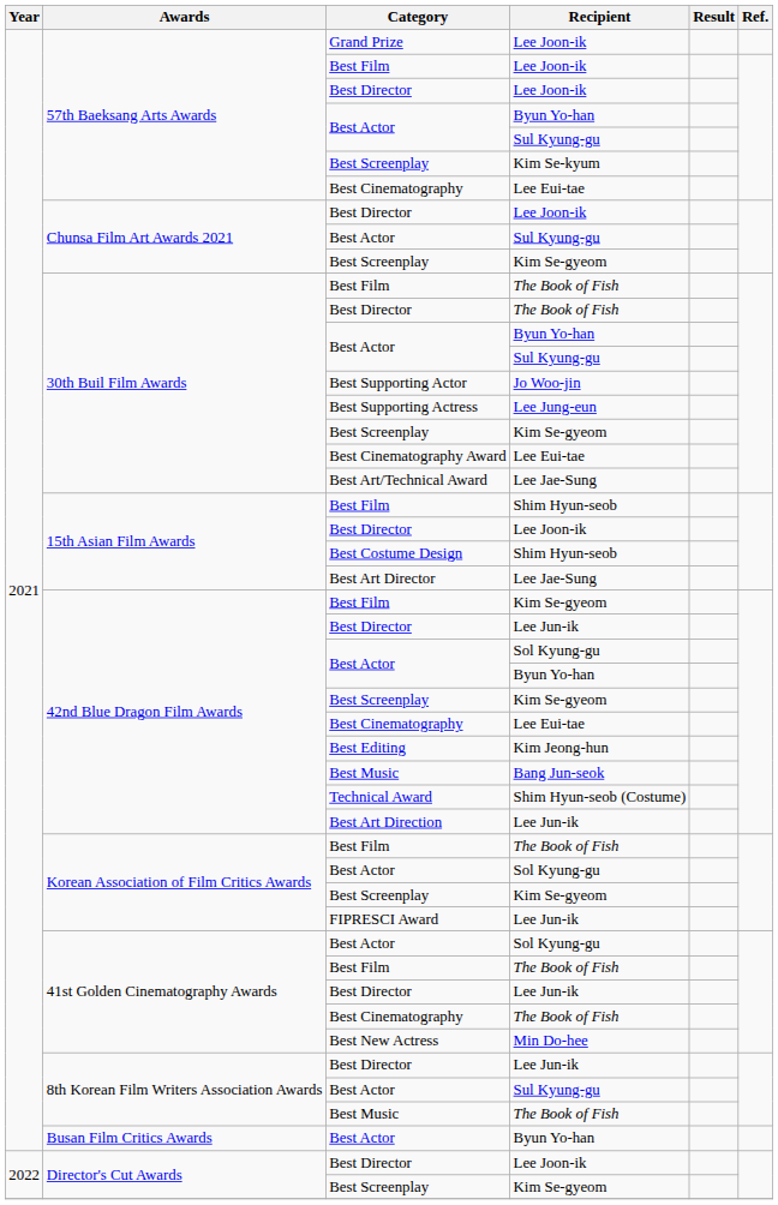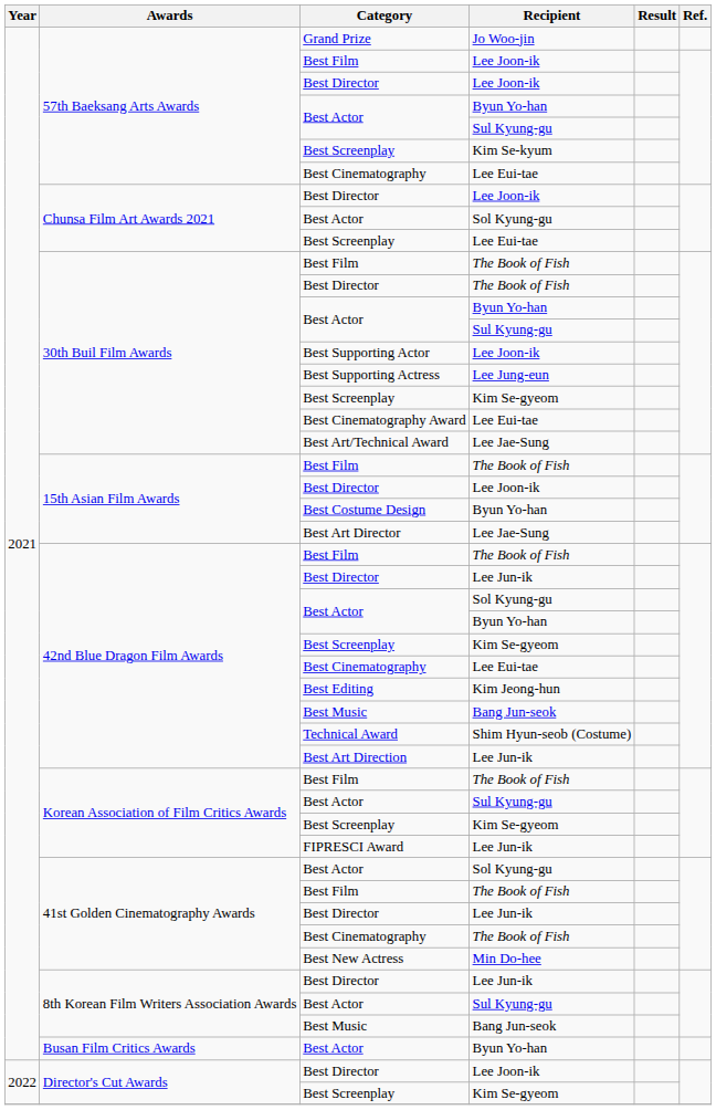 <table class="wikitable">
 <tr>
 <th>Year</th>
 <th>Awards</th>
 <th>Category</th>
 <th>Recipient</th>
 <th>Result</th>
 <th>Ref.</th>
 </tr>
 <tr>
 <td rowspan=46>2021</td>
 <td rowspan=7><a href='#'>57th Baeksang Arts Awards</a></td>
 <td><a href='#'>Grand Prize</a></td>
-<td><a href='#'>Lee Joon-ik</a></td>
+<td><a href='#'>Jo Woo-jin</a></td>
 <td></td>
 <td style="text-align:center"></td>
 </tr>
 <tr>
 <td><a href='#'>Best Film</a></td>
 <td><a href='#'>Lee Joon-ik</a></td>
 <td></td>
 <td rowspan=6 style="text-align:center"></td>
 </tr>
 <tr>
 <td><a href='#'>Best Director</a></td>
 <td><a href='#'>Lee Joon-ik</a></td>
 <td></td>
 </tr>
 <tr>
 <td rowspan=2><a href='#'>Best Actor</a></td>
 <td><a href='#'>Byun Yo-han</a></td>
 <td></td>
 </tr>
 <tr>
 <td><a href='#'>Sul Kyung-gu</a></td>
 <td></td>
 </tr>
 <tr>
 <td><a href='#'>Best Screenplay</a></td>
 <td>Kim Se-kyum</td>
 <td></td>
 </tr>
 <tr>
 <td>Best Cinematography</td>
 <td>Lee Eui-tae</td>
 <td></td>
 </tr>
 <tr>
 <td rowspan=3><a href='#'>Chunsa Film Art Awards 2021</a></td>
 <td>Best Director</td>
 <td><a href='#'>Lee Joon-ik</a></td>
 <td></td>
 <td rowspan=3 style="text-align:center"></td>
 </tr>
 <tr>
 <td>Best Actor</td>
-<td><a href='#'>Sul Kyung-gu</a></td>
+<td>Sol Kyung-gu</td>
 <td></td>
 </tr>
 <tr>
 <td>Best Screenplay</td>
-<td>Kim Se-gyeom</td>
+<td>Lee Eui-tae</td>
 <td></td>
 </tr>
 <tr>
 <td rowspan=9><a href='#'>30th Buil Film Awards</a></td>
 <td>Best Film</td>
 <td><em>The Book of Fish</em></td>
 <td></td>
 <td rowspan=9 style="text-align:center"></td>
 </tr>
 <tr>
 <td>Best Director</td>
 <td><em>The Book of Fish</em></td>
 <td></td>
 </tr>
 <tr>
 <td rowspan=2>Best Actor</td>
 <td><a href='#'>Byun Yo-han</a></td>
 <td></td>
 </tr>
 <tr>
 <td><a href='#'>Sul Kyung-gu</a></td>
 <td></td>
 </tr>
 <tr>
 <td>Best Supporting Actor</td>
-<td><a href='#'>Jo Woo-jin</a></td>
+<td><a href='#'>Lee Joon-ik</a></td>
 <td></td>
 </tr>
 <tr>
 <td>Best Supporting Actress</td>
 <td><a href='#'>Lee Jung-eun</a></td>
 <td></td>
 </tr>
 <tr>
 <td>Best Screenplay</td>
 <td>Kim Se-gyeom</td>
 <td></td>
 </tr>
 <tr>
 <td>Best Cinematography Award</td>
 <td>Lee Eui-tae</td>
 <td></td>
 </tr>
 <tr>
 <td>Best Art/Technical Award</td>
 <td>Lee Jae-Sung</td>
 <td></td>
 </tr>
 <tr>
 <td rowspan="4"><a href='#'>15th Asian Film Awards</a></td>
 <td><a href='#'>Best Film</a></td>
-<td>Shim Hyun-seob</td>
+<td><em>The Book of Fish</em></td>
 <td></td>
 <td rowspan="4" style="text-align:center"></td>
 </tr>
 <tr>
 <td><a href='#'>Best Director</a></td>
 <td>Lee Joon-ik</td>
 <td></td>
 </tr>
 <tr>
 <td><a href='#'>Best Costume Design</a></td>
-<td>Shim Hyun-seob</td>
+<td>Byun Yo-han</td>
 <td></td>
 </tr>
 <tr>
 <td>Best Art Director</td>
 <td>Lee Jae-Sung</td>
 <td></td>
 </tr>
 <tr>
 <td rowspan=10><a href='#'>42nd Blue Dragon Film Awards</a></td>
 <td><a href='#'>Best Film</a></td>
-<td>Kim Se-gyeom</td>
+<td><em>The Book of Fish</em></td>
 <td></td>
 <td rowspan=10></td>
 </tr>
 <tr>
 <td><a href='#'>Best Director</a></td>
 <td>Lee Jun-ik</td>
 <td></td>
 </tr>
 <tr>
 <td rowspan="2"><a href='#'>Best Actor</a></td>
 <td>Sol Kyung-gu</td>
 <td></td>
 </tr>
 <tr>
 <td>Byun Yo-han</td>
 <td></td>
 </tr>
 <tr>
 <td><a href='#'>Best Screenplay</a></td>
 <td>Kim Se-gyeom</td>
 <td></td>
 </tr>
 <tr>
 <td><a href='#'>Best Cinematography</a></td>
 <td>Lee Eui-tae</td>
 <td></td>
 </tr>
 <tr>
 <td><a href='#'>Best Editing</a></td>
 <td>Kim Jeong-hun</td>
 <td></td>
 </tr>
 <tr>
 <td><a href='#'>Best Music</a></td>
 <td><a href='#'>Bang Jun-seok</a></td>
 <td></td>
 </tr>
 <tr>
 <td><a href='#'>Technical Award</a></td>
 <td>Shim Hyun-seob (Costume)</td>
 <td></td>
 </tr>
 <tr>
 <td><a href='#'>Best Art Direction</a></td>
 <td>Lee Jun-ik</td>
 <td></td>
 </tr>
 <tr>
 <td rowspan="4"><a href='#'>Korean Association of Film Critics Awards</a></td>
 <td>Best Film</td>
 <td><em>The Book of Fish</em></td>
 <td></td>
 <td rowspan="4"></td>
 </tr>
 <tr>
 <td>Best Actor</td>
-<td>Sol Kyung-gu</td>
+<td><a href='#'>Sul Kyung-gu</a></td>
 <td></td>
 </tr>
 <tr>
 <td>Best Screenplay</td>
 <td>Kim Se-gyeom</td>
 <td></td>
 </tr>
 <tr>
 <td>FIPRESCI Award</td>
 <td>Lee Jun-ik</td>
 <td></td>
 </tr>
 <tr>
 <td rowspan=5>41st Golden Cinematography Awards</td>
 <td>Best Actor</td>
 <td>Sol Kyung-gu</td>
 <td></td>
 <td rowspan=5></td>
 </tr>
 <tr>
 <td>Best Film</td>
 <td><em>The Book of Fish</em></td>
 <td></td>
 </tr>
 <tr>
 <td>Best Director</td>
 <td>Lee Jun-ik</td>
 <td></td>
 </tr>
 <tr>
 <td>Best Cinematography</td>
 <td><em>The Book of Fish</em></td>
 <td></td>
 </tr>
 <tr>
 <td>Best New Actress</td>
 <td><a href='#'>Min Do-hee</a></td>
 <td></td>
 </tr>
 <tr>
 <td rowspan=3>8th Korean Film Writers Association Awards</td>
 <td>Best Director</td>
 <td>Lee Jun-ik</td>
 <td></td>
 <td rowspan=3></td>
 </tr>
 <tr>
 <td>Best Actor</td>
 <td><a href='#'>Sul Kyung-gu</a></td>
 <td></td>
 </tr>
 <tr>
 <td>Best Music</td>
-<td><em>The Book of Fish</em></td>
+<td>Bang Jun-seok</td>
 <td></td>
 </tr>
 <tr>
 <td><a href='#'>Busan Film Critics Awards</a></td>
 <td><a href='#'>Best Actor</a></td>
 <td>Byun Yo-han</td>
 <td></td>
 <td style="text-align:center"></td>
 </tr>
 <tr>
 <td rowspan=2>2022</td>
 <td rowspan=2><a href='#'>Director's Cut Awards</a></td>
 <td>Best Director</td>
 <td>Lee Joon-ik</td>
 <td></td>
 <td rowspan=2 style="text-align:center"></td>
 </tr>
 <tr>
 <td>Best Screenplay</td>
 <td>Kim Se-gyeom</td>
 <td></td>
 </tr>
 <tr>
 </tr>
 </table>
